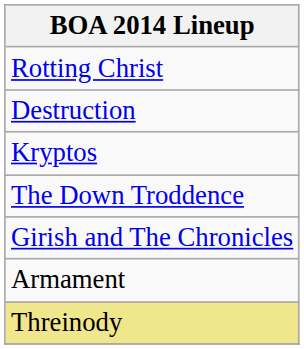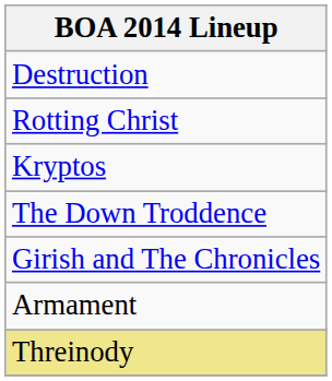 <table class="wikitable sortable">
 <tr>
 <th>BOA 2014 Lineup</th>
 </tr>
 <tr>
-<td><a href='#'>Rotting Christ</a></td>
+<td><a href='#'>Destruction</a></td>
 </tr>
 <tr>
-<td><a href='#'>Destruction</a></td>
+<td><a href='#'>Rotting Christ</a></td>
 </tr>
 <tr>
 <td><a href='#'>Kryptos</a></td>
 </tr>
 <tr>
 <td><a href='#'>The Down Troddence</a></td>
 </tr>
 <tr>
 <td><a href='#'>Girish and The Chronicles</a></td>
 </tr>
 <tr>
 <td>Armament</td>
 </tr>
 <tr>
 <td style="background: khaki;">Threinody</td>
 </tr>
 <tr>
 </tr>
 </table>
